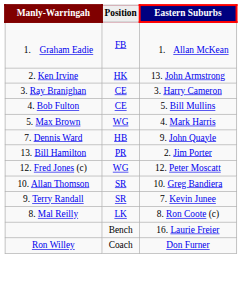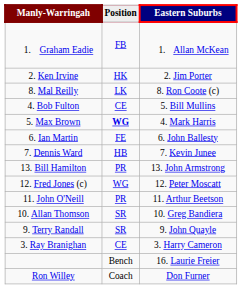 <table class="wikitable" style="float:right; font-size:90%; margin-left:1em;">
 <tr style="background:#f03;">
 <th style="width:140px; border:3px solid maroon; background: maroon; color: white">Manly-Warringah</th>
 <th style="width:40px; text-align:center; background:#eee; color:black;">Position</th>
 <th style="width:140px; border:3px solid red; background: navy; color: white">Eastern Suburbs</th>
 </tr>
 <tr align=center>
 <td><br><ol><li><a href='#'>Graham Eadie</a></li></ol></td>
 <td><a href='#'>FB</a></td>
 <td><br><ol><li><a href='#'>Allan McKean</a></li></ol></td>
 </tr>
 <tr align=center>
 <td>2. <a href='#'>Ken Irvine</a></td>
 <td><a href='#'>HK</a></td>
-<td>13. <a href='#'>John Armstrong</a></td>
+<td>2. <a href='#'>Jim Porter</a></td>
 </tr>
 <tr align=center>
-<td>3. <a href='#'>Ray Branighan</a></td>
-<td><a href='#'>CE</a></td>
-<td>3. <a href='#'>Harry Cameron</a></td>
+<td>8. <a href='#'>Mal Reilly</a></td>
+<td><a href='#'>LK</a></td>
+<td>8. <a href='#'>Ron Coote</a> (c)</td>
 </tr>
 <tr align=center>
 <td>4. <a href='#'>Bob Fulton</a></td>
 <td><a href='#'>CE</a></td>
 <td>5. <a href='#'>Bill Mullins</a></td>
 </tr>
 <tr align=center>
 <td>5. <a href='#'>Max Brown</a></td>
-<td><a href='#'>WG</a></td>
+<td><strong><a href='#'>WG</a></strong></td>
 <td>4. <a href='#'>Mark Harris</a></td>
+</tr>
+<tr align=center>
+<td>6. <a href='#'>Ian Martin</a></td>
+<td><a href='#'>FE</a></td>
+<td>6. <a href='#'>John Ballesty</a></td>
 </tr>
 <tr align=center>
 <td>7. <a href='#'>Dennis Ward</a></td>
 <td><a href='#'>HB</a></td>
-<td>9. <a href='#'>John Quayle</a></td>
+<td>7. <a href='#'>Kevin Junee</a></td>
 </tr>
 <tr align=center>
 <td>13. <a href='#'>Bill Hamilton</a></td>
 <td><a href='#'>PR</a></td>
-<td>2. <a href='#'>Jim Porter</a></td>
+<td>13. <a href='#'>John Armstrong</a></td>
 </tr>
 <tr align=center>
 <td>12. <a href='#'>Fred Jones</a> (c)</td>
 <td><a href='#'>WG</a></td>
 <td>12. <a href='#'>Peter Moscatt</a></td>
+</tr>
+<tr align=center>
+<td>11. <a href='#'>John O'Neill</a></td>
+<td><a href='#'>PR</a></td>
+<td>11. <a href='#'>Arthur Beetson</a></td>
 </tr>
 <tr align=center>
 <td>10. <a href='#'>Allan Thomson</a></td>
 <td><a href='#'>SR</a></td>
 <td>10. <a href='#'>Greg Bandiera</a></td>
 </tr>
 <tr align=center>
 <td>9. <a href='#'>Terry Randall</a></td>
 <td><a href='#'>SR</a></td>
-<td>7. <a href='#'>Kevin Junee</a></td>
+<td>9. <a href='#'>John Quayle</a></td>
 </tr>
 <tr align=center>
-<td>8. <a href='#'>Mal Reilly</a></td>
-<td><a href='#'>LK</a></td>
-<td>8. <a href='#'>Ron Coote</a> (c)</td>
+<td>3. <a href='#'>Ray Branighan</a></td>
+<td><a href='#'>CE</a></td>
+<td>3. <a href='#'>Harry Cameron</a></td>
 </tr>
 <tr align=center>
 <td></td>
 <td>Bench</td>
 <td>16. <a href='#'>Laurie Freier</a></td>
 </tr>
 <tr align=center>
 <td><a href='#'>Ron Willey</a></td>
 <td>Coach</td>
 <td><a href='#'>Don Furner</a></td>
 </tr>
 </table>
